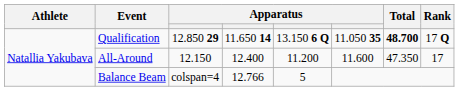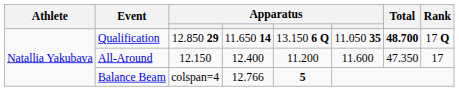 <table class="wikitable" style="font-size:90%">
 <tr>
 <th rowspan=2>Athlete</th>
 <th rowspan=2>Event</th>
 <th colspan =4>Apparatus</th>
 <th rowspan=2>Total</th>
 <th rowspan=2>Rank</th>
 </tr>
 <tr style="font-size:95%">
 <th></th>
 <th></th>
 <th></th>
 <th></th>
 </tr>
 <tr align=center>
 <td align=left rowspan=3><a href='#'>Natallia Yakubava</a></td>
 <td align=left><a href='#'>Qualification</a></td>
 <td>12.850	<strong>29		</strong></td>
 <td>11.650	<strong>14</strong></td>
 <td>13.150	<strong>6 Q</strong></td>
 <td>11.050	<strong>35</strong></td>
 <td><strong>48.700</strong></td>
 <td>17 <strong>Q</strong></td>
 </tr>
 <tr align=center>
 <td align=left><a href='#'>All-Around</a></td>
 <td>12.150</td>
 <td>12.400</td>
 <td>11.200</td>
 <td>11.600</td>
 <td>47.350</td>
 <td>17</td>
 </tr>
 <tr align=center>
 <td align=left><a href='#'>Balance Beam</a></td>
 <td>colspan=4 </td>
 <td>12.766</td>
-<td>5</td>
+<td><strong>5</strong></td>
 </tr>
 </table>
